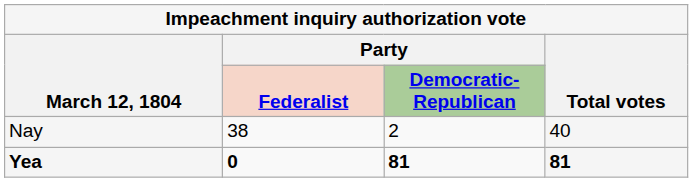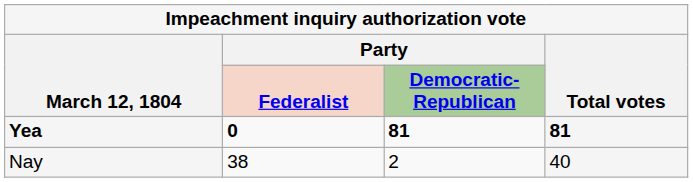 <table class="wikitable">
 <tr>
 <th colspan=4 style="background:#f5f5f5">Impeachment inquiry authorization vote</th>
 </tr>
 <tr style="vertical-align:bottom;">
 <th rowspan=2>March 12, 1804</th>
 <th colspan=2>Party</th>
 <th rowspan=2>Total votes</th>
 </tr>
 <tr style="vertical-align:bottom;">
 <th style="background-color:#F6D6C9;"><a href='#'>Federalist</a></th>
 <th style="background-color:#AACC99;"><a href='#'>Democratic-Republican</a></th>
 </tr>
 <tr>
+<td style="width: 11em; background:#F5F5F5"><strong>Yea</strong></td>
+<td style="width: 8em;"><strong>0</strong></td>
+<td style="width: 8em;"><strong>81</strong></td>
+<td style="width: 7em; background:#F5F5F5"><strong>81</strong></td>
+</tr>
+<tr>
 <td style="background:#F5F5F5">Nay</td>
 <td>38</td>
 <td>2</td>
 <td style="background:#F5F5F5">40</td>
 </tr>
-<tr>
-<td style="width: 11em; background:#F5F5F5"><strong>Yea</strong></td>
-<td style="width: 8em;"><strong>0</strong></td>
-<td style="width: 8em;"><strong>81</strong></td>
-<td style="width: 7em; background:#F5F5F5"><strong>81</strong></td>
-</tr>
 </table>
